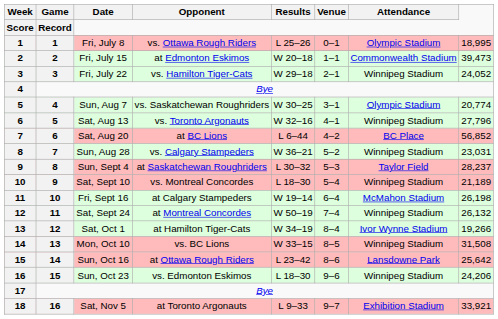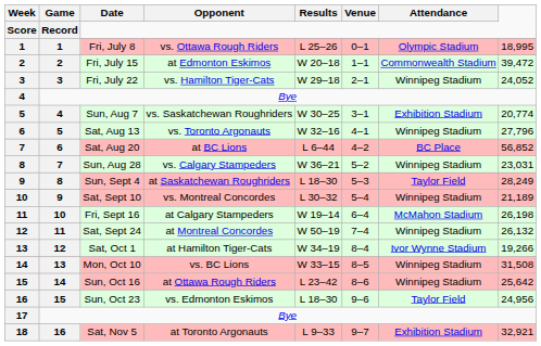 <table class="wikitable" style="text-align:center">
 <tr>
 <th>Week</th>
 <th>Game</th>
 <th>Date</th>
 <th>Opponent</th>
 <th>Results</th>
 <th>Venue</th>
 <th>Attendance</th>
 </tr>
 <tr>
 <th>Score</th>
 <th>Record</th>
 </tr>
 <tr style="background:#ffbbbb">
 <th>1</th>
 <th>1</th>
 <td>Fri, July 8</td>
 <td>vs. <a href='#'>Ottawa Rough Riders</a></td>
 <td>L 25–26</td>
 <td>0–1</td>
 <td><a href='#'>Olympic Stadium</a></td>
 <td>18,995</td>
 </tr>
 <tr style="background:#ddffdd">
 <th>2</th>
 <th>2</th>
 <td>Fri, July 15</td>
 <td>at <a href='#'>Edmonton Eskimos</a></td>
 <td>W 20–18</td>
 <td>1–1</td>
 <td><a href='#'>Commonwealth Stadium</a></td>
-<td>39,473</td>
+<td>39,472</td>
 </tr>
 <tr style="background:#ddffdd">
 <th>3</th>
 <th>3</th>
 <td>Fri, July 22</td>
 <td>vs. <a href='#'>Hamilton Tiger-Cats</a></td>
 <td>W 29–18</td>
 <td>2–1</td>
 <td>Winnipeg Stadium</td>
 <td>24,052</td>
 </tr>
 <tr>
 <th>4</th>
 <td colspan=7><em><a href='#'>Bye</a></em></td>
 </tr>
 <tr style="background:#ddffdd">
 <th>5</th>
 <th>4</th>
 <td>Sun, Aug 7</td>
 <td>vs. Saskatchewan Roughriders</td>
 <td>W 30–25</td>
 <td>3–1</td>
-<td><a href='#'>Olympic Stadium</a></td>
+<td><a href='#'>Exhibition Stadium</a></td>
 <td>20,774</td>
 </tr>
 <tr style="background:#ddffdd">
 <th>6</th>
 <th>5</th>
 <td>Sat, Aug 13</td>
 <td>vs. <a href='#'>Toronto Argonauts</a></td>
 <td>W 32–16</td>
 <td>4–1</td>
 <td>Winnipeg Stadium</td>
 <td>27,796</td>
 </tr>
 <tr style="background:#ffbbbb">
 <th>7</th>
 <th>6</th>
 <td>Sat, Aug 20</td>
 <td>at <a href='#'>BC Lions</a></td>
 <td>L 6–44</td>
 <td>4–2</td>
 <td><a href='#'>BC Place</a></td>
 <td>56,852</td>
 </tr>
 <tr style="background:#ddffdd">
 <th>8</th>
 <th>7</th>
 <td>Sun, Aug 28</td>
 <td>vs. <a href='#'>Calgary Stampeders</a></td>
 <td>W 36–21</td>
 <td>5–2</td>
 <td>Winnipeg Stadium</td>
 <td>23,031</td>
 </tr>
 <tr style="background:#ffbbbb">
 <th>9</th>
 <th>8</th>
 <td>Sun, Sept 4</td>
 <td>at <a href='#'>Saskatchewan Roughriders</a></td>
-<td>L 30–32</td>
+<td>L 18–30</td>
 <td>5–3</td>
 <td><a href='#'>Taylor Field</a></td>
-<td>28,237</td>
+<td>28,249</td>
 </tr>
 <tr style="background:#ffbbbb">
 <th>10</th>
 <th>9</th>
 <td>Sat, Sept 10</td>
 <td>vs. Montreal Concordes</td>
-<td>L 18–30</td>
+<td>L 30–32</td>
 <td>5–4</td>
 <td>Winnipeg Stadium</td>
 <td>21,189</td>
 </tr>
 <tr style="background:#ddffdd">
 <th>11</th>
 <th>10</th>
 <td>Fri, Sept 16</td>
 <td>at Calgary Stampeders</td>
 <td>W 19–14</td>
 <td>6–4</td>
 <td><a href='#'>McMahon Stadium</a></td>
 <td>26,198</td>
 </tr>
 <tr style="background:#ddffdd">
 <th>12</th>
 <th>11</th>
 <td>Sat, Sept 24</td>
 <td>at <a href='#'>Montreal Concordes</a></td>
 <td>W 50–19</td>
 <td>7–4</td>
 <td>Winnipeg Stadium</td>
 <td>26,132</td>
 </tr>
 <tr style="background:#ddffdd">
 <th>13</th>
 <th>12</th>
 <td>Sat, Oct 1</td>
 <td>at Hamilton Tiger-Cats</td>
 <td>W 34–19</td>
 <td>8–4</td>
 <td><a href='#'>Ivor Wynne Stadium</a></td>
 <td>19,266</td>
 </tr>
 <tr style="background:#ffbbbb">
 <th>14</th>
 <th>13</th>
 <td>Mon, Oct 10</td>
 <td>vs. BC Lions</td>
 <td>W 33–15</td>
 <td>8–5</td>
 <td>Winnipeg Stadium</td>
 <td>31,508</td>
 </tr>
 <tr style="background:#ffbbbb">
 <th>15</th>
 <th>14</th>
 <td>Sun, Oct 16</td>
 <td>at <a href='#'>Ottawa Rough Riders</a></td>
 <td>L 23–42</td>
 <td>8–6</td>
-<td><a href='#'>Lansdowne Park</a></td>
+<td>Winnipeg Stadium</td>
 <td>25,642</td>
 </tr>
 <tr style="background:#ddffdd">
 <th>16</th>
 <th>15</th>
 <td>Sun, Oct 23</td>
 <td>vs. Edmonton Eskimos</td>
 <td>L 18–30</td>
 <td>9–6</td>
-<td>Winnipeg Stadium</td>
-<td>24,206</td>
+<td><a href='#'>Taylor Field</a></td>
+<td>24,956</td>
 </tr>
 <tr>
 <th>17</th>
 <td colspan=7><em><a href='#'>Bye</a></em></td>
 </tr>
 <tr style="background:#ffbbbb">
 <th>18</th>
 <th>16</th>
 <td>Sat, Nov 5</td>
 <td>at Toronto Argonauts</td>
 <td>L 9–33</td>
 <td>9–7</td>
 <td><a href='#'>Exhibition Stadium</a></td>
-<td>33,921</td>
+<td>32,921</td>
 </tr>
 </table>
